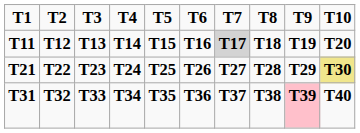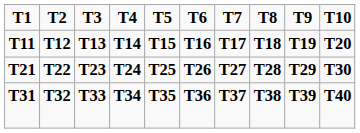 <table class="wikitable" style="text-align: center;">
 <tr valign="top">
 <td><strong>T1</strong><br></td>
 <td><strong>T2</strong><br></td>
 <td><strong>T3</strong><br></td>
 <td><strong>T4</strong><br></td>
 <td><strong>T5</strong><br></td>
 <td><strong>T6</strong><br></td>
 <td><strong>T7</strong><br></td>
 <td><strong>T8</strong><br></td>
 <td><strong>T9</strong><br></td>
 <td><strong>T10</strong><br></td>
 </tr>
 <tr valign="top">
 <td><strong>T11</strong><br></td>
 <td><strong>T12</strong><br></td>
 <td><strong>T13</strong><br></td>
 <td><strong>T14</strong><br></td>
 <td><strong>T15</strong><br></td>
 <td><strong>T16</strong><br></td>
-<td style="background: lightgrey;"><strong>T17</strong><br></td>
+<td><strong>T17</strong><br></td>
 <td><strong>T18</strong><br></td>
 <td><strong>T19</strong><br></td>
 <td><strong>T20</strong><br></td>
 </tr>
 <tr valign="top">
 <td><strong>T21</strong><br></td>
 <td><strong>T22</strong><br></td>
 <td><strong>T23</strong><br></td>
 <td><strong>T24</strong><br></td>
 <td><strong>T25</strong><br></td>
 <td><strong>T26</strong><br></td>
 <td><strong>T27</strong><br></td>
 <td><strong>T28</strong><br></td>
 <td><strong>T29</strong><br></td>
-<td style="background: khaki;"><strong>T30</strong><br></td>
+<td><strong>T30</strong><br></td>
 </tr>
 <tr valign="top">
 <td><strong>T31</strong><br></td>
 <td><strong>T32</strong><br></td>
 <td><strong>T33</strong><br></td>
 <td><strong>T34</strong><br></td>
 <td><strong>T35</strong><br></td>
 <td><strong>T36</strong><br></td>
 <td><strong>T37</strong><br></td>
 <td><strong>T38</strong><br></td>
-<td style="background: pink;"><strong>T39</strong><br></td>
+<td><strong>T39</strong><br></td>
 <td><strong>T40</strong><br><br></td>
 </tr>
 </table>
